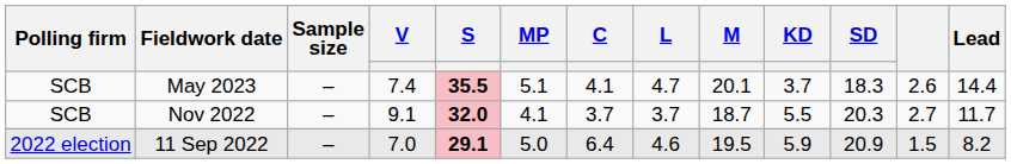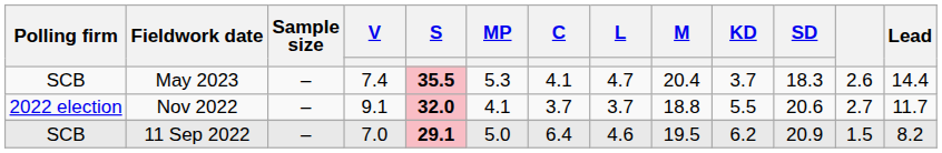 <table class="wikitable sortable" style="text-align:center;font-size:90%;line-height:14px;">
 <tr style="height:40px;">
 <th rowspan="2">Polling firm</th>
 <th rowspan="2">Fieldwork date</th>
 <th rowspan="2">Sample<br>size</th>
 <th class="sortable" style="width:40px;"><a href='#'>V</a></th>
 <th class="sortable" style="width:40px;"><a href='#'>S</a></th>
 <th class="sortable" style="width:40px;"><a href='#'>MP</a></th>
 <th class="sortable" style="width:40px;"><a href='#'>C</a></th>
 <th class="sortable" style="width:40px;"><a href='#'>L</a></th>
 <th class="sortable" style="width:40px;"><a href='#'>M</a></th>
 <th class="sortable" style="width:40px;"><a href='#'>KD</a></th>
 <th class="sortable" style="width:40px;"><a href='#'>SD</a></th>
 <th class="sortable" style="width:30px;" rowspan="2"></th>
 <th style="width:30px;" rowspan="2">Lead</th>
 </tr>
 <tr>
 <th style="background:"></th>
 <th style="background:"></th>
 <th style="background:"></th>
 <th style="background:"></th>
 <th style="background:"></th>
 <th style="background:"></th>
 <th style="background:"></th>
 <th style="background:"></th>
 </tr>
 <tr>
 <td>SCB</td>
 <td>May 2023</td>
 <td>–</td>
 <td>7.4</td>
 <td style="background:#F9BDC5;"><strong>35.5</strong></td>
-<td>5.1</td>
+<td>5.3</td>
 <td>4.1</td>
 <td>4.7</td>
-<td>20.1</td>
+<td>20.4</td>
 <td>3.7</td>
 <td>18.3</td>
 <td>2.6</td>
 <td style="background:">14.4</td>
 </tr>
 <tr>
-<td>SCB</td>
+<td><a href='#'>2022 election</a></td>
 <td>Nov 2022</td>
 <td>–</td>
 <td>9.1</td>
 <td style="background:#F9BDC5;"><strong>32.0</strong></td>
 <td>4.1</td>
 <td>3.7</td>
 <td>3.7</td>
-<td>18.7</td>
+<td>18.8</td>
 <td>5.5</td>
-<td>20.3</td>
+<td>20.6</td>
 <td>2.7</td>
 <td style="background:">11.7</td>
 </tr>
 <tr>
 </tr>
 <tr style="background:#E9E9E9;">
-<td><a href='#'>2022 election</a></td>
+<td>SCB</td>
 <td data-sort-value="2018-09-09">11 Sep 2022</td>
 <td>–</td>
 <td>7.0</td>
 <td style="background:#F9BDC5;"><strong>29.1</strong></td>
 <td>5.0</td>
 <td>6.4</td>
 <td>4.6</td>
 <td>19.5</td>
-<td>5.9</td>
+<td>6.2</td>
 <td>20.9</td>
 <td>1.5</td>
 <td style="background:">8.2</td>
 </tr>
 </table>
